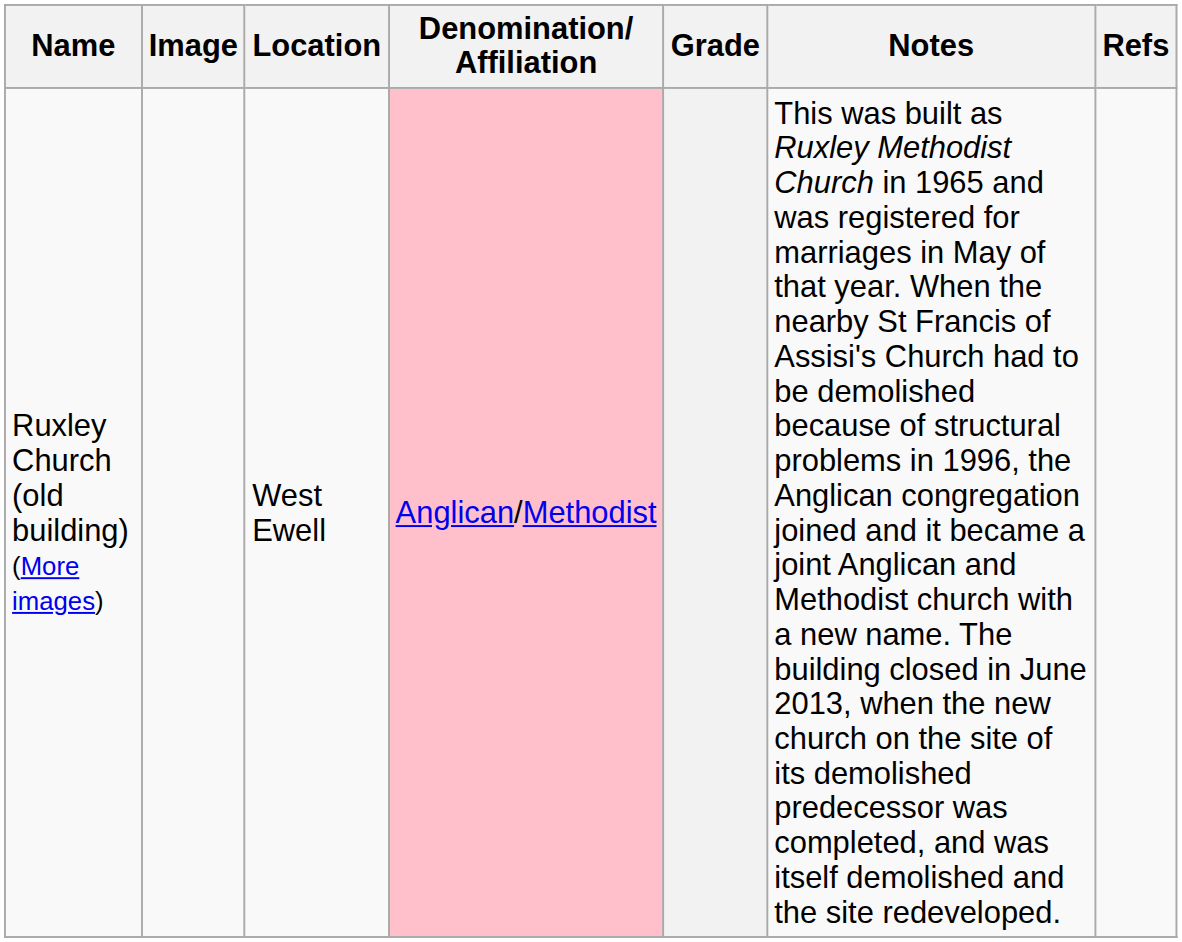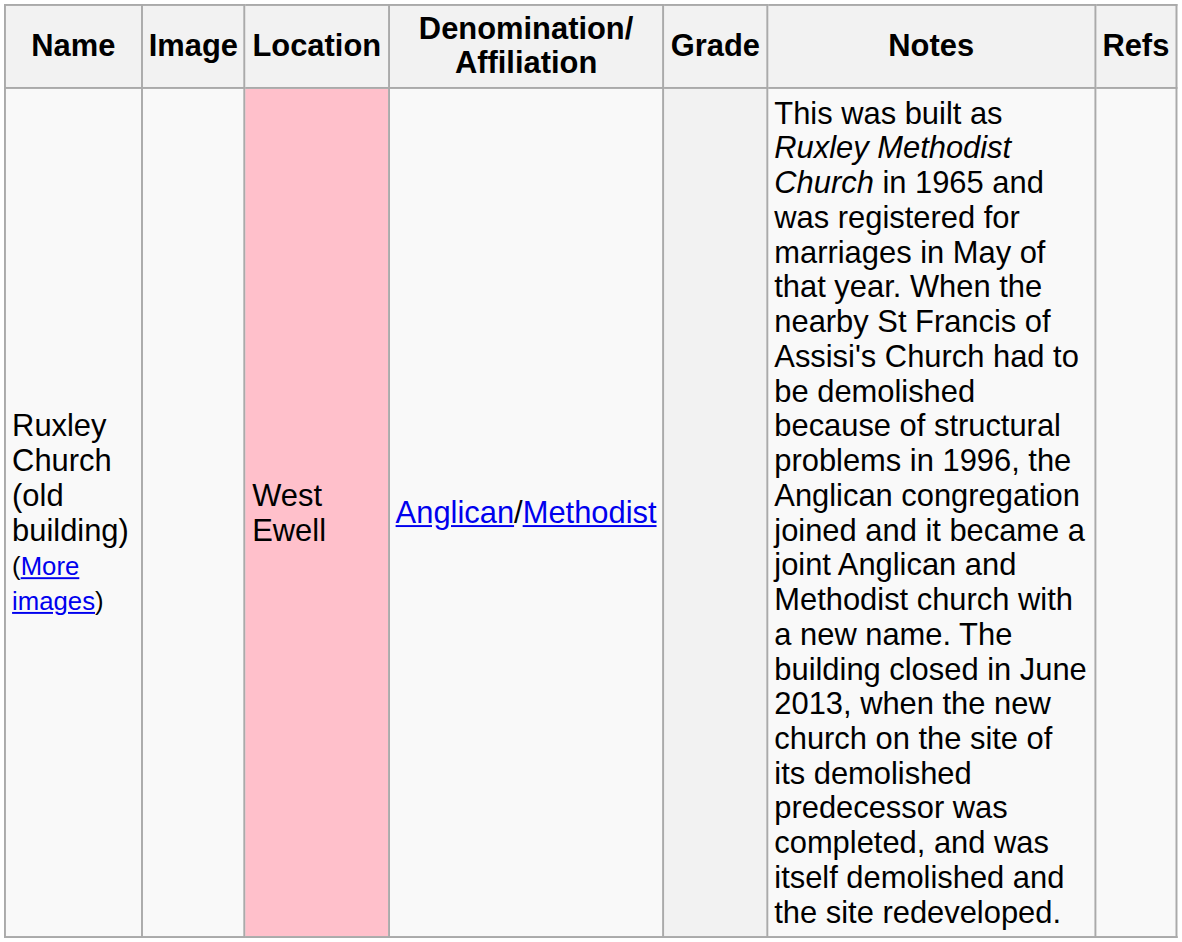 <table class="wikitable sortable">
 <tr>
 <th align="center">Name</th>
 <th align="center" class="unsortable">Image</th>
 <th align="center">Location</th>
 <th align="center">Denomination/<br>Affiliation</th>
 <th align="center">Grade</th>
 <th align="center" class="unsortable">Notes</th>
 <th align="center" class="unsortable">Refs</th>
 </tr>
 <tr>
 <td>Ruxley Church (old building)<br><small>(<a href='#'>More images</a>)</small></td>
 <td></td>
-<td>West Ewell<br></td>
-<td style="background: pink;"><a href='#'>Anglican</a>/<a href='#'>Methodist</a></td>
+<td style="background: pink;">West Ewell<br></td>
+<td><a href='#'>Anglican</a>/<a href='#'>Methodist</a></td>
 <th align="center"></th>
 <td>This was built as <em>Ruxley Methodist Church</em> in 1965 and was registered for marriages in May of that year.  When the nearby St Francis of Assisi's Church had to be demolished because of structural problems in 1996, the Anglican congregation joined and it became a joint Anglican and Methodist church with a new name.  The building closed in June 2013, when the new church on the site of its demolished predecessor was completed, and was itself demolished and the site redeveloped.</td>
 <td><br><br></td>
 </tr>
 <tr>
 </tr>
 </table>
